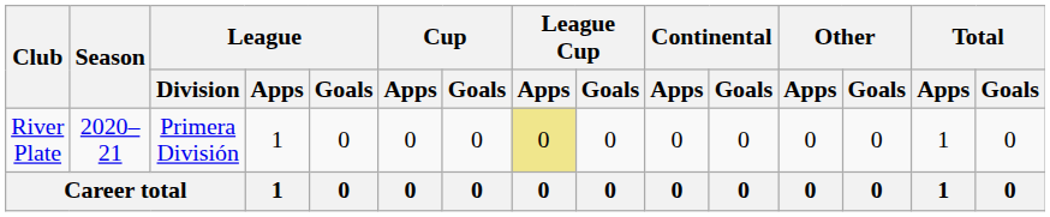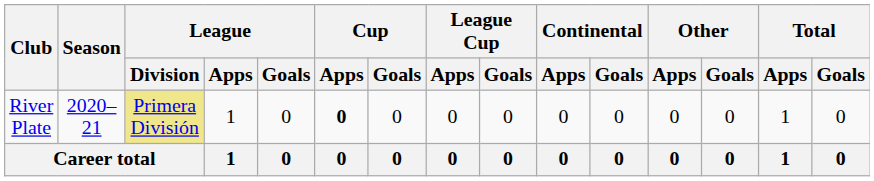 <table class="wikitable" style="text-align:center">
 <tr>
 <th rowspan="2">Club</th>
 <th rowspan="2">Season</th>
 <th colspan="3">League</th>
 <th colspan="2">Cup</th>
 <th colspan="2">League Cup</th>
 <th colspan="2">Continental</th>
 <th colspan="2">Other</th>
 <th colspan="2">Total</th>
 </tr>
 <tr>
 <th>Division</th>
 <th>Apps</th>
 <th>Goals</th>
 <th>Apps</th>
 <th>Goals</th>
 <th>Apps</th>
 <th>Goals</th>
 <th>Apps</th>
 <th>Goals</th>
 <th>Apps</th>
 <th>Goals</th>
 <th>Apps</th>
 <th>Goals</th>
 </tr>
 <tr>
 <td rowspan="1"><a href='#'>River Plate</a></td>
 <td><a href='#'>2020–21</a></td>
-<td rowspan="1"><a href='#'>Primera División</a></td>
+<td rowspan="1" style="background: khaki;"><a href='#'>Primera División</a></td>
 <td>1</td>
 <td>0</td>
+<td><strong>0</strong></td>
 <td>0</td>
 <td>0</td>
-<td style="background: khaki;">0</td>
 <td>0</td>
 <td>0</td>
 <td>0</td>
 <td>0</td>
 <td>0</td>
 <td>1</td>
 <td>0</td>
 </tr>
 <tr>
 <th colspan="3">Career total</th>
 <th>1</th>
 <th>0</th>
 <th>0</th>
 <th>0</th>
 <th>0</th>
 <th>0</th>
 <th>0</th>
 <th>0</th>
 <th>0</th>
 <th>0</th>
 <th>1</th>
 <th>0</th>
 </tr>
 </table>
